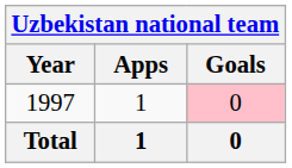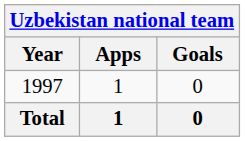 <table class="wikitable" style="text-align:center">
 <tr>
 <th colspan=3><a href='#'>Uzbekistan national team</a></th>
 </tr>
 <tr>
 <th>Year</th>
 <th>Apps</th>
 <th>Goals</th>
 </tr>
 <tr>
 <td>1997</td>
 <td>1</td>
-<td style="background: pink;">0</td>
+<td>0</td>
 </tr>
 <tr>
 <th>Total</th>
 <th>1</th>
 <th>0</th>
 </tr>
 </table>
